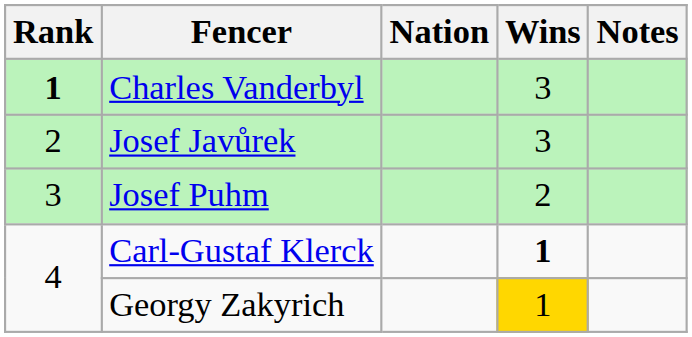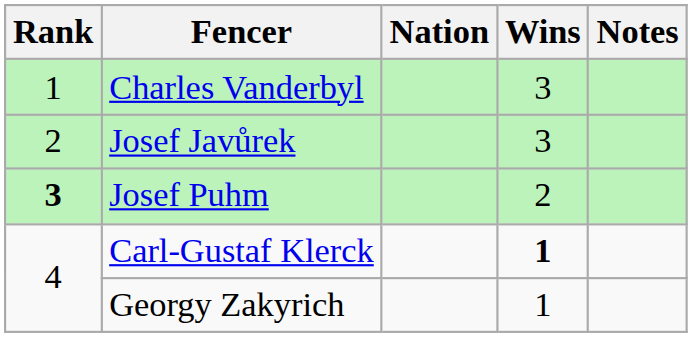 <table class="wikitable sortable" style="text-align:center">
 <tr>
 <th>Rank</th>
 <th>Fencer</th>
 <th>Nation</th>
 <th>Wins</th>
 <th>Notes</th>
 </tr>
 <tr bgcolor=bbf3bb>
-<td><strong>1</strong></td>
+<td>1</td>
 <td align=left><a href='#'>Charles Vanderbyl</a></td>
 <td align=left></td>
 <td>3</td>
 <td></td>
 </tr>
 <tr bgcolor=bbf3bb>
 <td>2</td>
 <td align=left><a href='#'>Josef Javůrek</a></td>
 <td align=left></td>
 <td>3</td>
 <td></td>
 </tr>
 <tr bgcolor=bbf3bb>
-<td>3</td>
+<td><strong>3</strong></td>
 <td align=left><a href='#'>Josef Puhm</a></td>
 <td align=left></td>
 <td>2</td>
 <td></td>
 </tr>
 <tr>
 <td rowspan=2>4</td>
 <td align=left><a href='#'>Carl-Gustaf Klerck</a></td>
 <td align=left></td>
 <td><strong>1</strong></td>
 <td></td>
 </tr>
 <tr>
 <td align=left>Georgy Zakyrich</td>
 <td align=left></td>
-<td style="background: gold;">1</td>
+<td>1</td>
 <td></td>
 </tr>
 </table>
